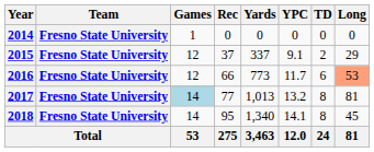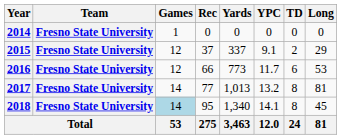 <table class="wikitable" style="text-align:center">
 <tr>
 <th>Year</th>
 <th>Team</th>
 <th>Games</th>
 <th>Rec</th>
 <th>Yards</th>
 <th>YPC</th>
 <th>TD</th>
 <th>Long</th>
 </tr>
 <tr>
 <th><a href='#'>2014</a></th>
 <th><a href='#'>Fresno State University</a></th>
 <td>1</td>
 <td>0</td>
 <td>0</td>
 <td>0</td>
 <td>0</td>
 <td>0</td>
 </tr>
 <tr>
 <th><a href='#'>2015</a></th>
 <th><a href='#'>Fresno State University</a></th>
 <td>12</td>
 <td>37</td>
 <td>337</td>
 <td>9.1</td>
 <td>2</td>
 <td>29</td>
 </tr>
 <tr>
 <th><a href='#'>2016</a></th>
 <th><a href='#'>Fresno State University</a></th>
 <td>12</td>
 <td>66</td>
 <td>773</td>
 <td>11.7</td>
 <td>6</td>
-<td style="background: lightsalmon;">53</td>
+<td>53</td>
 </tr>
 <tr>
 <th><a href='#'>2017</a></th>
 <th><a href='#'>Fresno State University</a></th>
-<td style="background: lightblue;">14</td>
+<td>14</td>
 <td>77</td>
 <td>1,013</td>
 <td>13.2</td>
 <td>8</td>
 <td>81</td>
 </tr>
 <tr>
 <th><a href='#'>2018</a></th>
 <th><a href='#'>Fresno State University</a></th>
-<td>14</td>
+<td style="background: lightblue;">14</td>
 <td>95</td>
 <td>1,340</td>
 <td>14.1</td>
 <td>8</td>
 <td>45</td>
 </tr>
 <tr>
 <th colspan=2>Total</th>
 <th>53</th>
 <th>275</th>
 <th>3,463</th>
 <th>12.0</th>
 <th>24</th>
 <th>81</th>
 </tr>
 </table>
